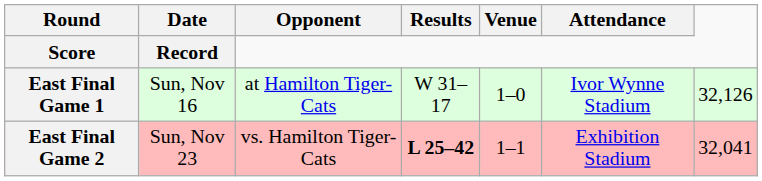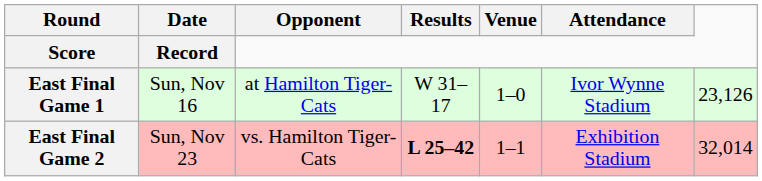 <table class="wikitable" style="text-align:center">
 <tr>
 <th>Round</th>
 <th>Date</th>
 <th>Opponent</th>
 <th>Results</th>
 <th>Venue</th>
 <th>Attendance</th>
 </tr>
 <tr>
 <th>Score</th>
 <th>Record</th>
 </tr>
 <tr style="background:#ddffdd">
 <th>East Final Game 1</th>
 <td>Sun, Nov 16</td>
 <td>at <a href='#'>Hamilton Tiger-Cats</a></td>
 <td>W 31–17</td>
 <td>1–0</td>
 <td><a href='#'>Ivor Wynne Stadium</a></td>
-<td>32,126</td>
+<td>23,126</td>
 </tr>
 <tr style="background:#ffbbbb">
 <th>East Final Game 2</th>
 <td>Sun, Nov 23</td>
 <td>vs. Hamilton Tiger-Cats</td>
 <td><strong>L 25–42</strong></td>
 <td>1–1</td>
 <td><a href='#'>Exhibition Stadium</a></td>
-<td>32,041</td>
+<td>32,014</td>
 </tr>
 </table>
